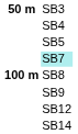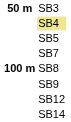 <table>
 <tr>
 <th>50 m</th>
 <td>SB3 <br></td>
 <td></td>
 <td></td>
 <td></td>
 </tr>
 <tr>
 <th rowspan="7">100 m</th>
-<td>SB4 <br></td>
+<td style="background: khaki;">SB4 <br></td>
 <td></td>
 <td></td>
 <td></td>
 </tr>
 <tr>
 <td>SB5 <br></td>
 <td></td>
 <td></td>
 <td></td>
 </tr>
 <tr>
-<td style="background: paleturquoise;">SB7 <br></td>
+<td>SB7 <br></td>
 <td></td>
 <td></td>
 <td></td>
 </tr>
 <tr>
 <td>SB8 <br></td>
 <td></td>
 <td></td>
 <td></td>
 </tr>
 <tr>
 <td>SB9 <br></td>
 <td></td>
 <td></td>
 <td></td>
 </tr>
 <tr>
 <td>SB12 <br></td>
 <td></td>
 <td></td>
 <td></td>
 </tr>
 <tr>
 <td>SB14 <br></td>
 <td></td>
 <td></td>
 <td></td>
 </tr>
 </table>
